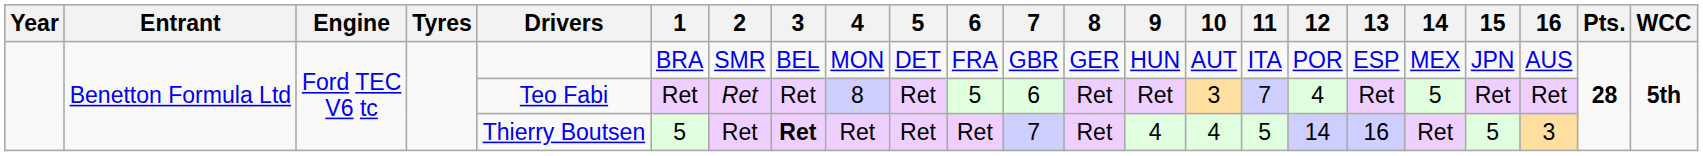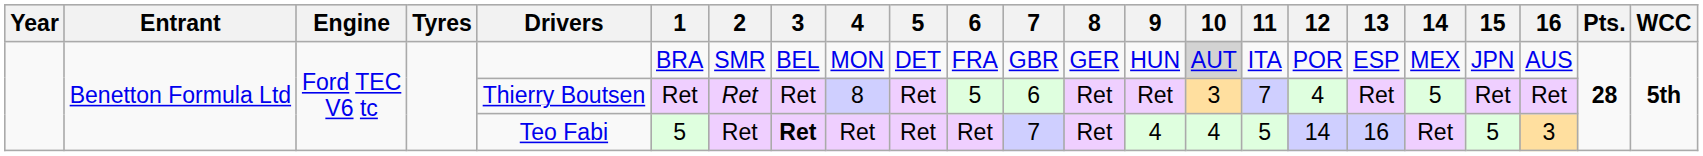 <table class="wikitable" style="text-align:center; font-size:90%">
 <tr>
 <th>Year</th>
 <th>Entrant</th>
 <th>Engine</th>
 <th>Tyres</th>
 <th>Drivers</th>
 <th>1</th>
 <th>2</th>
 <th>3</th>
 <th>4</th>
 <th>5</th>
 <th>6</th>
 <th>7</th>
 <th>8</th>
 <th>9</th>
 <th>10</th>
 <th>11</th>
 <th>12</th>
 <th>13</th>
 <th>14</th>
 <th>15</th>
 <th>16</th>
 <th>Pts.</th>
 <th>WCC</th>
 </tr>
 <tr>
 <td rowspan="3"></td>
 <td rowspan="3"><a href='#'>Benetton Formula Ltd</a></td>
 <td rowspan="3"><a href='#'>Ford</a> <a href='#'>TEC</a><br><a href='#'>V6</a> <a href='#'>tc</a></td>
 <td rowspan="3"></td>
 <td></td>
 <td><a href='#'>BRA</a></td>
 <td><a href='#'>SMR</a></td>
 <td><a href='#'>BEL</a></td>
 <td><a href='#'>MON</a></td>
 <td><a href='#'>DET</a></td>
 <td><a href='#'>FRA</a></td>
 <td><a href='#'>GBR</a></td>
 <td><a href='#'>GER</a></td>
 <td><a href='#'>HUN</a></td>
-<td><a href='#'>AUT</a></td>
+<td style="background: lightgrey;"><a href='#'>AUT</a></td>
 <td><a href='#'>ITA</a></td>
 <td><a href='#'>POR</a></td>
 <td><a href='#'>ESP</a></td>
 <td><a href='#'>MEX</a></td>
 <td><a href='#'>JPN</a></td>
 <td><a href='#'>AUS</a></td>
 <td rowspan="3"><strong>28</strong></td>
 <td rowspan="3"><strong>5th</strong></td>
 </tr>
 <tr>
-<td> <a href='#'>Teo Fabi</a></td>
+<td> <a href='#'>Thierry Boutsen</a></td>
 <td style="background:#efcfff;">Ret</td>
 <td style="background:#efcfff;"><em>Ret</em></td>
 <td style="background:#efcfff;">Ret</td>
 <td style="background:#cfcfff;">8</td>
 <td style="background:#efcfff;">Ret</td>
 <td style="background:#dfffdf;">5</td>
 <td style="background:#dfffdf;">6</td>
 <td style="background:#efcfff;">Ret</td>
 <td style="background:#efcfff;">Ret</td>
 <td style="background:#ffdf9f;">3</td>
 <td style="background:#cfcfff;">7</td>
 <td style="background:#dfffdf;">4</td>
 <td style="background:#efcfff;">Ret</td>
 <td style="background:#dfffdf;">5</td>
 <td style="background:#efcfff;">Ret</td>
 <td style="background:#efcfff;">Ret</td>
 </tr>
 <tr>
-<td> <a href='#'>Thierry Boutsen</a></td>
+<td> <a href='#'>Teo Fabi</a></td>
 <td style="background:#dfffdf;">5</td>
 <td style="background:#efcfff;">Ret</td>
 <td style="background:#efcfff;"><strong>Ret</strong></td>
 <td style="background:#efcfff;">Ret</td>
 <td style="background:#efcfff;">Ret</td>
 <td style="background:#efcfff;">Ret</td>
 <td style="background:#cfcfff;">7</td>
 <td style="background:#efcfff;">Ret</td>
 <td style="background:#dfffdf;">4</td>
 <td style="background:#dfffdf;">4</td>
 <td style="background:#dfffdf;">5</td>
 <td style="background:#cfcfff;">14</td>
 <td style="background:#cfcfff;">16</td>
 <td style="background:#efcfff;">Ret</td>
 <td style="background:#dfffdf;">5</td>
 <td style="background:#ffdf9f;">3</td>
 </tr>
 </table>
